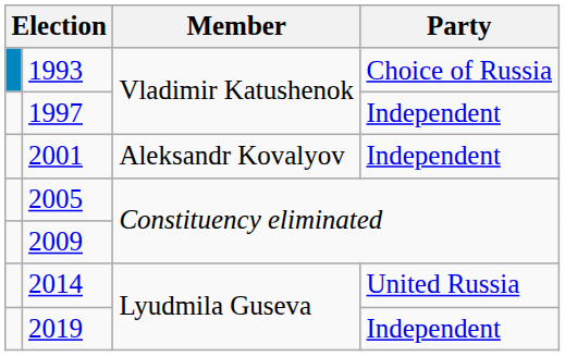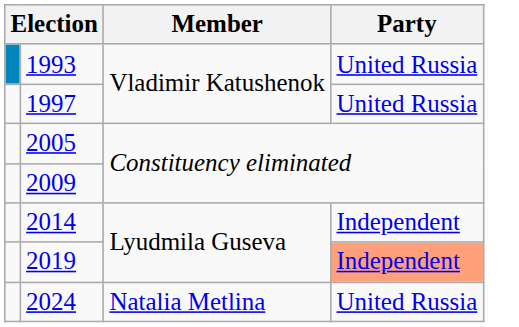 <table class="wikitable">
 <tr>
 <th colspan="2">Election</th>
 <th>Member</th>
 <th>Party</th>
 </tr>
 <tr>
 <td style="background-color:#0085BE"></td>
 <td><a href='#'>1993</a></td>
 <td rowspan=2>Vladimir Katushenok</td>
-<td><a href='#'>Choice of Russia</a></td>
+<td><a href='#'>United Russia</a></td>
 </tr>
 <tr>
 <td style="background-color:"></td>
 <td><a href='#'>1997</a></td>
-<td><a href='#'>Independent</a></td>
-</tr>
-<tr>
-<td style="background-color:"></td>
-<td><a href='#'>2001</a></td>
-<td>Aleksandr Kovalyov</td>
-<td><a href='#'>Independent</a></td>
+<td><a href='#'>United Russia</a></td>
 </tr>
 <tr>
 <td style="background-color:"></td>
 <td><a href='#'>2005</a></td>
 <td colspan=2 rowspan=2><em>Constituency eliminated</em></td>
 </tr>
 <tr>
 <td style="background-color:"></td>
 <td><a href='#'>2009</a></td>
 </tr>
 <tr>
 <td style="background-color:"></td>
 <td><a href='#'>2014</a></td>
 <td rowspan=2>Lyudmila Guseva</td>
-<td><a href='#'>United Russia</a></td>
+<td><a href='#'>Independent</a></td>
 </tr>
 <tr>
 <td style="background-color:"></td>
 <td><a href='#'>2019</a></td>
-<td><a href='#'>Independent</a></td>
+<td style="background: lightsalmon;"><a href='#'>Independent</a></td>
+</tr>
+<tr>
+<td style="background-color:"></td>
+<td><a href='#'>2024</a></td>
+<td><a href='#'>Natalia Metlina</a></td>
+<td><a href='#'>United Russia</a></td>
 </tr>
 </table>
